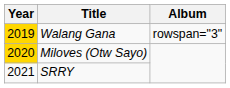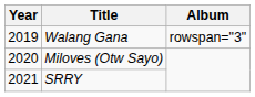 <table class="wikitable">
 <tr>
 <th>Year</th>
 <th>Title</th>
 <th>Album</th>
 </tr>
 <tr>
-<td style="background: gold;">2019</td>
+<td>2019</td>
 <td><em>Walang Gana</em></td>
 <td>rowspan="3" </td>
 </tr>
 <tr>
-<td style="background: gold;">2020</td>
+<td>2020</td>
 <td><em>Miloves (Otw Sayo)</em></td>
 </tr>
 <tr>
 <td>2021</td>
 <td><em>SRRY</em></td>
 </tr>
 </table>
